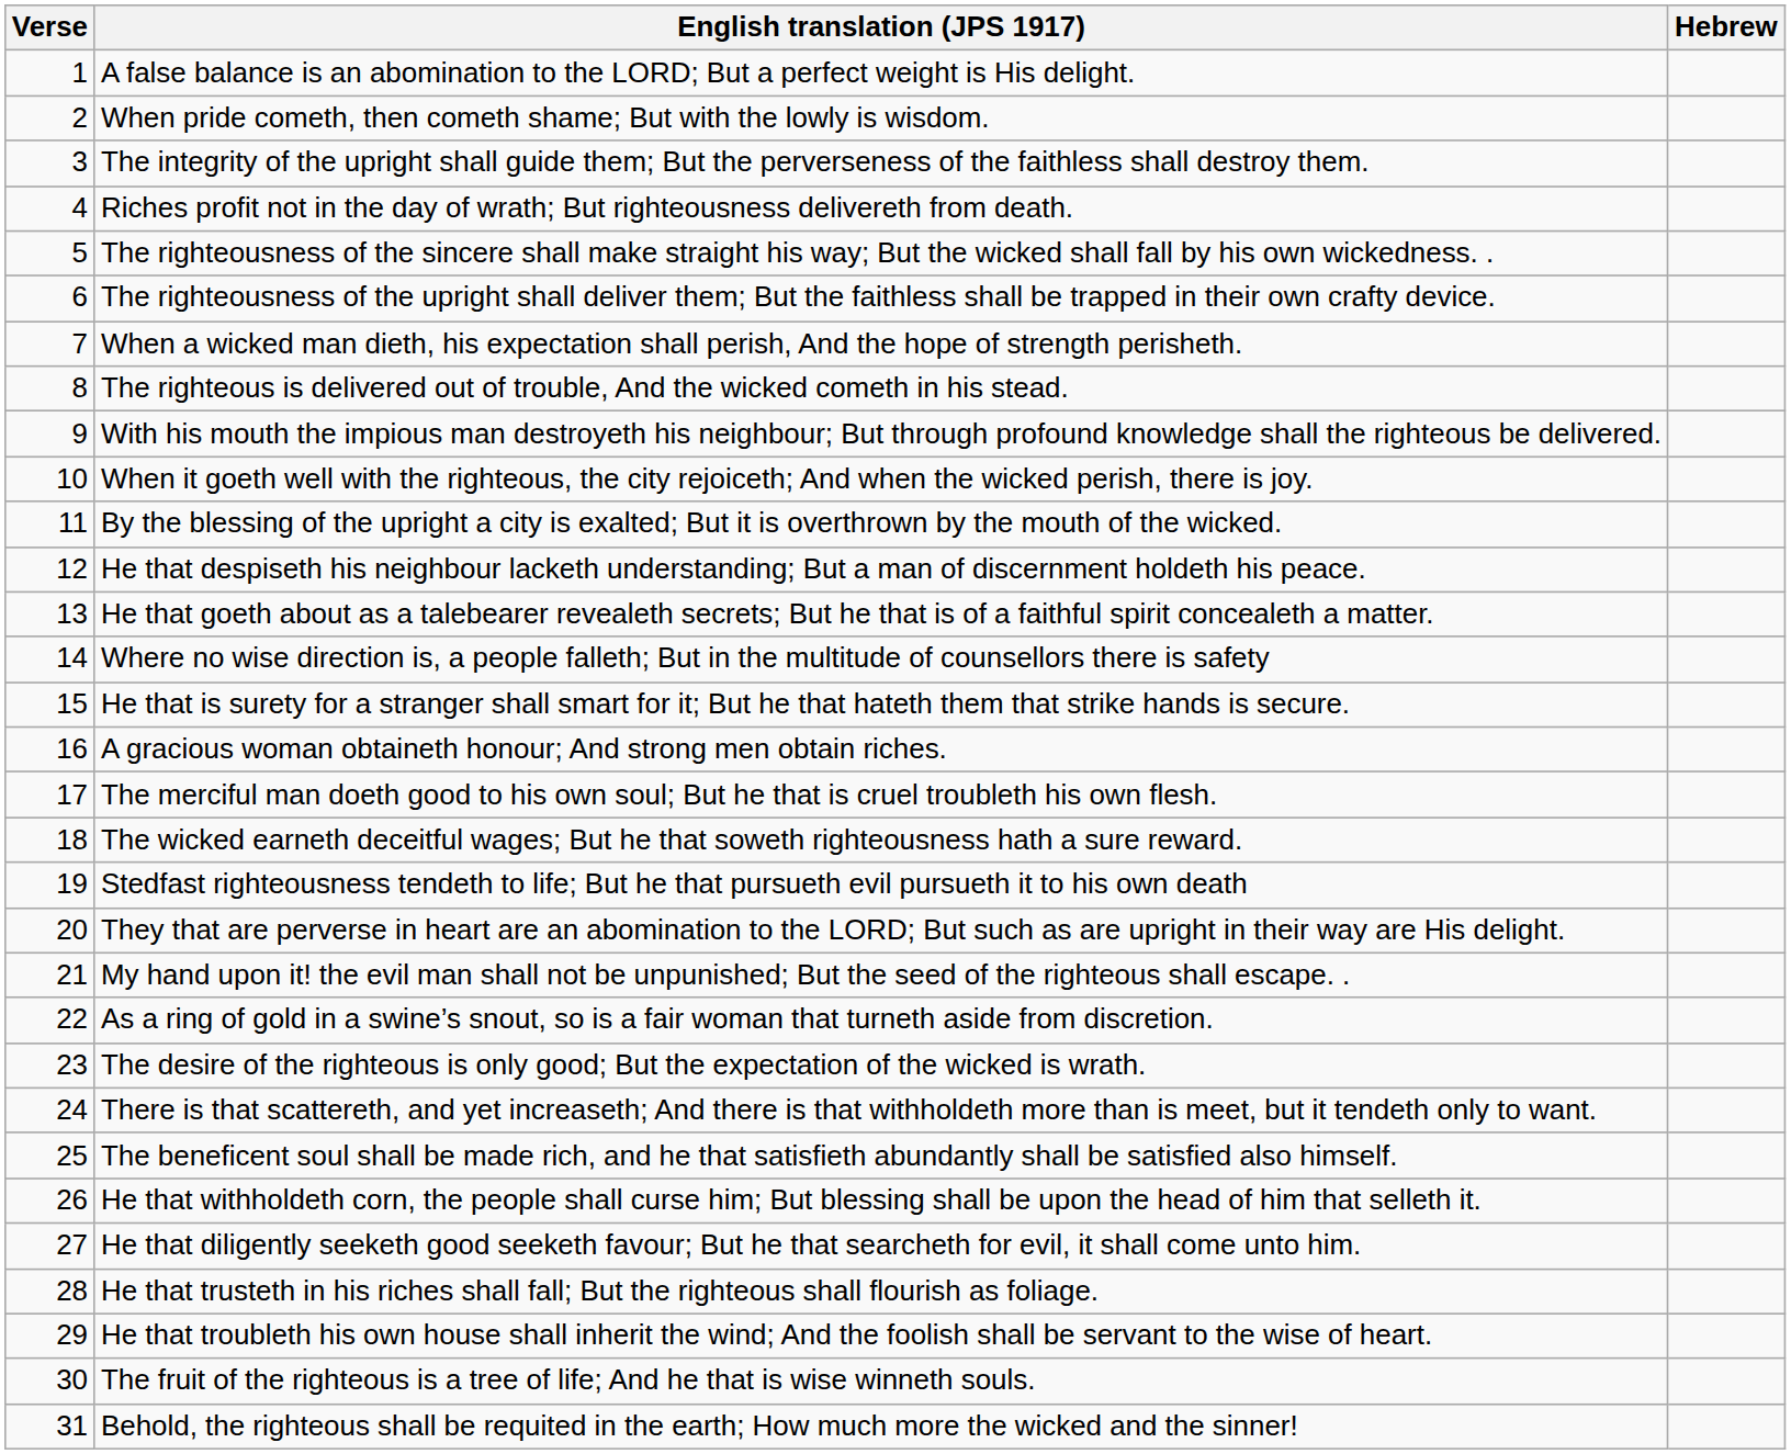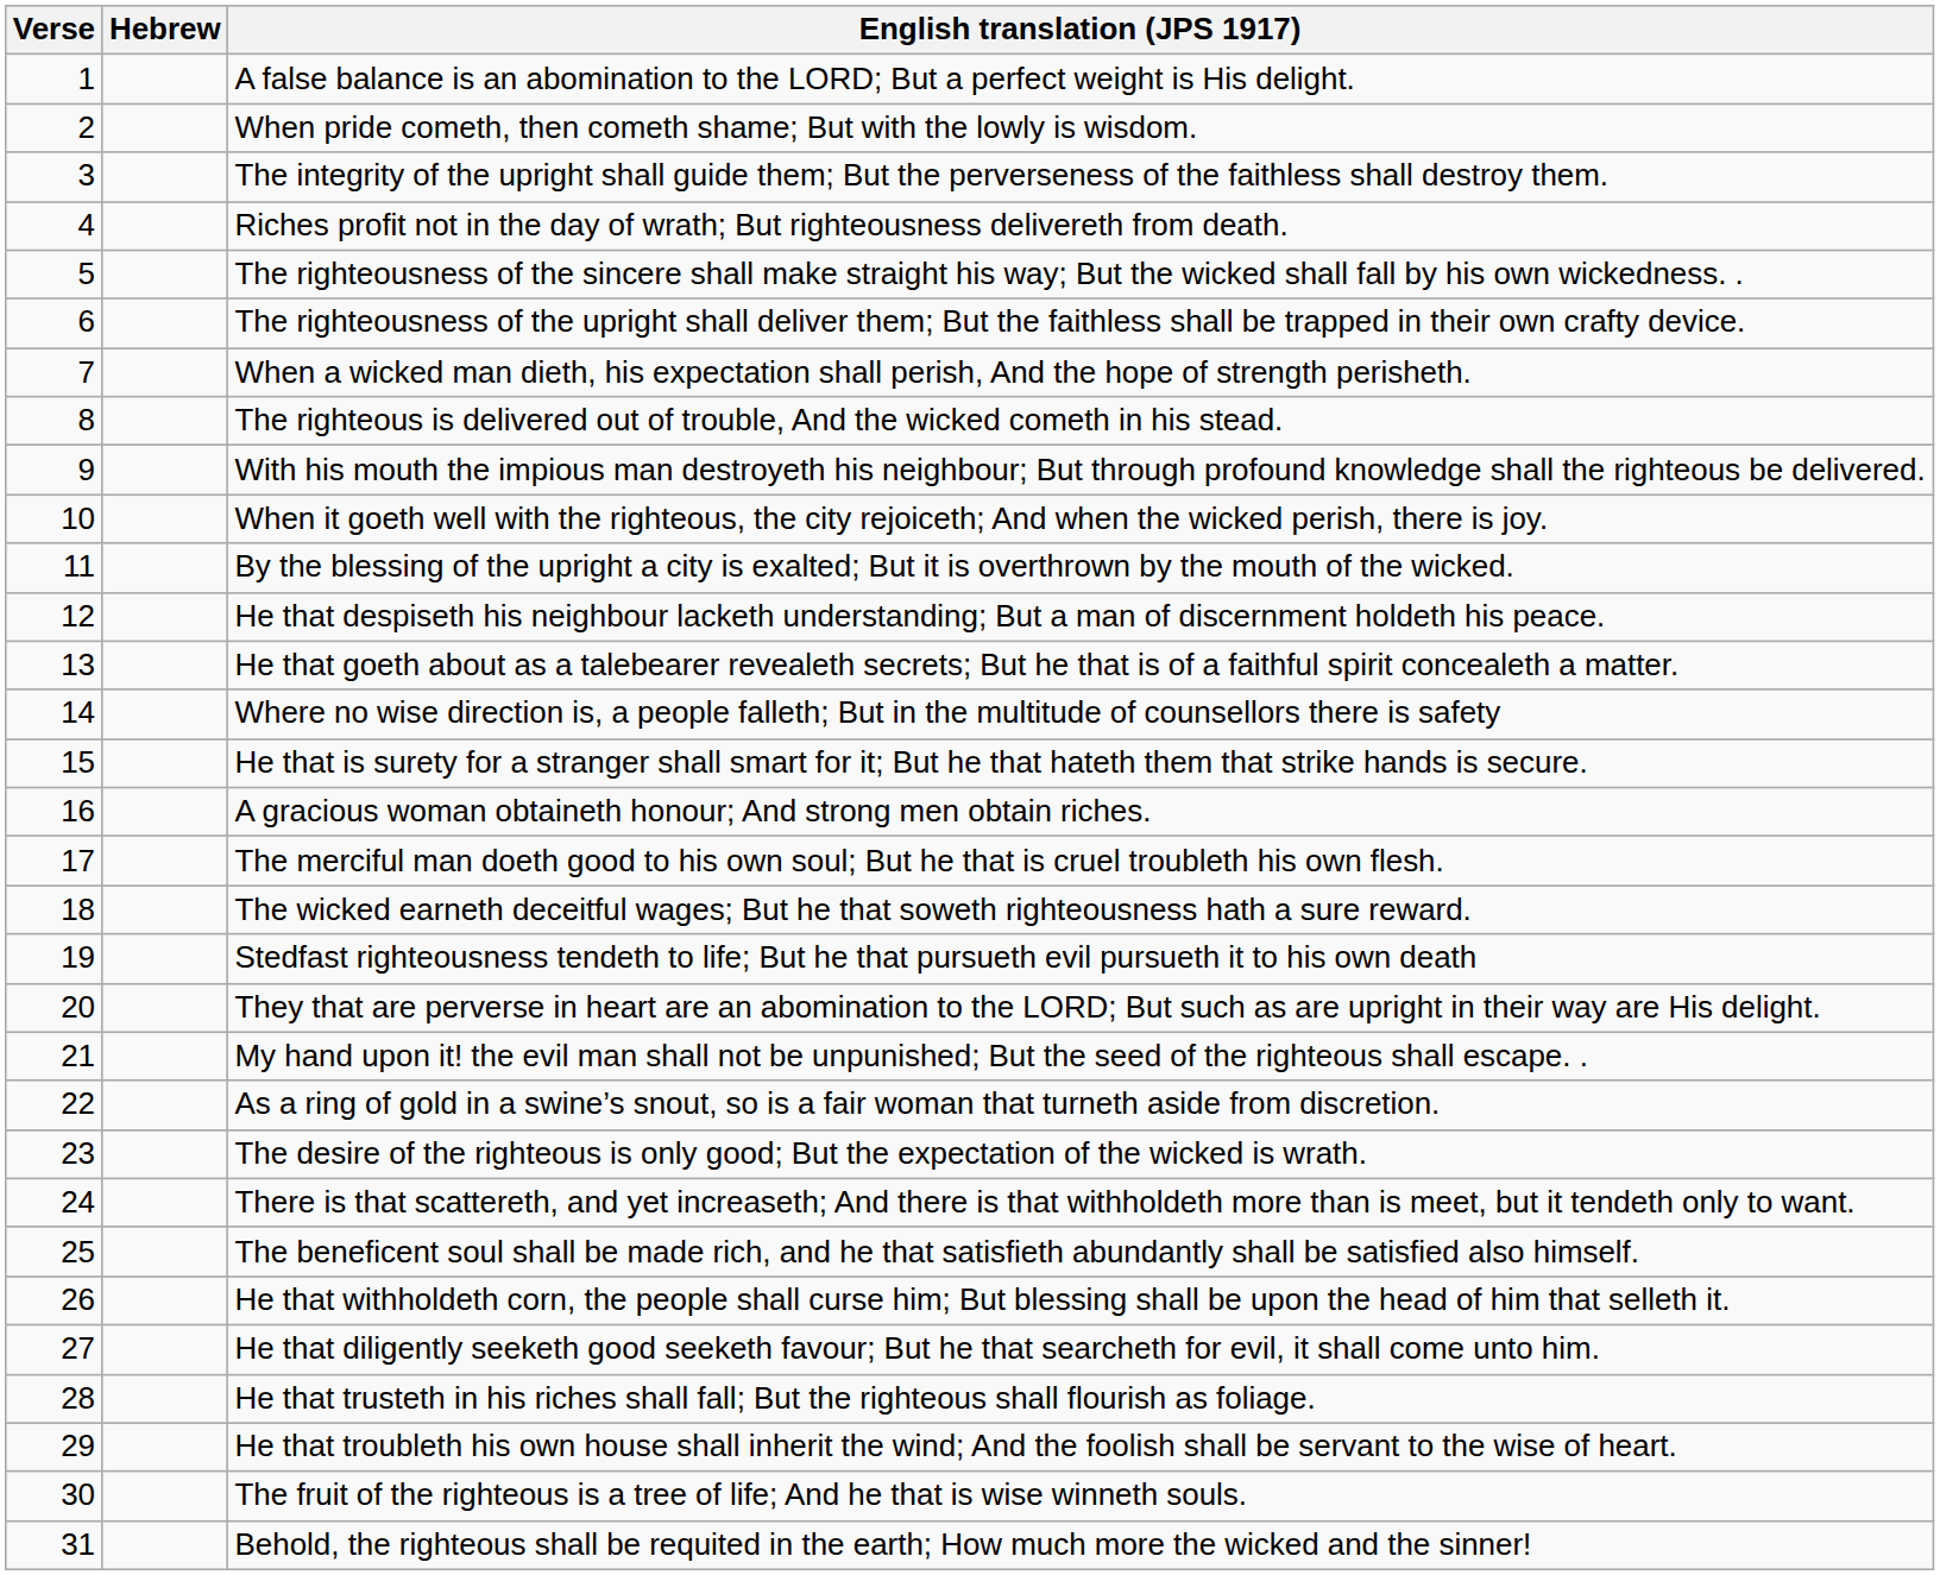 <table class="wikitable">
 <tr>
 <th>Verse</th>
+<th>Hebrew</th>
 <th>English translation (JPS 1917)</th>
-<th>Hebrew</th>
 </tr>
 <tr>
 <td style="text-align:right">1</td>
+<td style="text-align:right"></td>
 <td>A false balance is an abomination to the LORD; But a perfect weight is His delight.</td>
-<td style="text-align:right"></td>
 </tr>
 <tr>
 <td style="text-align:right">2</td>
+<td style="text-align:right"></td>
 <td>When pride cometh, then cometh shame; But with the lowly is wisdom.</td>
-<td style="text-align:right"></td>
 </tr>
 <tr>
 <td style="text-align:right">3</td>
+<td style="text-align:right"></td>
 <td>The integrity of the upright shall guide them; But the perverseness of the faithless shall destroy them.</td>
-<td style="text-align:right"></td>
 </tr>
 <tr>
 <td style="text-align:right">4</td>
+<td style="text-align:right"></td>
 <td>Riches profit not in the day of wrath; But righteousness delivereth from death.</td>
-<td style="text-align:right"></td>
 </tr>
 <tr>
 <td style="text-align:right">5</td>
+<td style="text-align:right"></td>
 <td>The righteousness of the sincere shall make straight his way; But the wicked shall fall by his own wickedness. .</td>
-<td style="text-align:right"></td>
 </tr>
 <tr>
 <td style="text-align:right">6</td>
+<td style="text-align:right"></td>
 <td>The righteousness of the upright shall deliver them; But the faithless shall be trapped in their own crafty device.</td>
-<td style="text-align:right"></td>
 </tr>
 <tr>
 <td style="text-align:right">7</td>
+<td style="text-align:right"></td>
 <td>When a wicked man dieth, his expectation shall perish, And the hope of strength perisheth.</td>
-<td style="text-align:right"></td>
 </tr>
 <tr>
 <td style="text-align:right">8</td>
+<td style="text-align:right"></td>
 <td>The righteous is delivered out of trouble, And the wicked cometh in his stead.</td>
-<td style="text-align:right"></td>
 </tr>
 <tr>
 <td style="text-align:right">9</td>
+<td style="text-align:right"></td>
 <td>With his mouth the impious man destroyeth his neighbour; But through profound knowledge shall the righteous be delivered.</td>
-<td style="text-align:right"></td>
 </tr>
 <tr>
 <td style="text-align:right">10</td>
+<td style="text-align:right"></td>
 <td>When it goeth well with the righteous, the city rejoiceth; And when the wicked perish, there is joy.</td>
-<td style="text-align:right"></td>
 </tr>
 <tr>
 <td style="text-align:right">11</td>
+<td style="text-align:right"></td>
 <td>By the blessing of the upright a city is exalted; But it is overthrown by the mouth of the wicked.</td>
-<td style="text-align:right"></td>
 </tr>
 <tr>
 <td style="text-align:right">12</td>
+<td style="text-align:right"></td>
 <td>He that despiseth his neighbour lacketh understanding; But a man of discernment holdeth his peace.</td>
-<td style="text-align:right"></td>
 </tr>
 <tr>
 <td style="text-align:right">13</td>
+<td style="text-align:right"></td>
 <td>He that goeth about as a talebearer revealeth secrets; But he that is of a faithful spirit concealeth a matter.</td>
-<td style="text-align:right"></td>
 </tr>
 <tr>
 <td style="text-align:right">14</td>
+<td style="text-align:right"></td>
 <td>Where no wise direction is, a people falleth; But in the multitude of counsellors there is safety</td>
-<td style="text-align:right"></td>
 </tr>
 <tr>
 <td style="text-align:right">15</td>
+<td style="text-align:right"></td>
 <td>He that is surety for a stranger shall smart for it; But he that hateth them that strike hands is secure.</td>
-<td style="text-align:right"></td>
 </tr>
 <tr>
 <td style="text-align:right">16</td>
+<td style="text-align:right"></td>
 <td>A gracious woman obtaineth honour; And strong men obtain riches.</td>
-<td style="text-align:right"></td>
 </tr>
 <tr>
 <td style="text-align:right">17</td>
+<td style="text-align:right"></td>
 <td>The merciful man doeth good to his own soul; But he that is cruel troubleth his own flesh.</td>
-<td style="text-align:right"></td>
 </tr>
 <tr>
 <td style="text-align:right">18</td>
+<td style="text-align:right"></td>
 <td>The wicked earneth deceitful wages; But he that soweth righteousness hath a sure reward.</td>
-<td style="text-align:right"></td>
 </tr>
 <tr>
 <td style="text-align:right">19</td>
+<td style="text-align:right"></td>
 <td>Stedfast righteousness tendeth to life; But he that pursueth evil pursueth it to his own death</td>
-<td style="text-align:right"></td>
 </tr>
 <tr>
 <td style="text-align:right">20</td>
+<td style="text-align:right"></td>
 <td>They that are perverse in heart are an abomination to the LORD; But such as are upright in their way are His delight.</td>
-<td style="text-align:right"></td>
 </tr>
 <tr>
 <td style="text-align:right">21</td>
+<td style="text-align:right"></td>
 <td>My hand upon it! the evil man shall not be unpunished; But the seed of the righteous shall escape. .</td>
-<td style="text-align:right"></td>
 </tr>
 <tr>
 <td style="text-align:right">22</td>
+<td style="text-align:right"></td>
 <td>As a ring of gold in a swine’s snout, so is a fair woman that turneth aside from discretion.</td>
-<td style="text-align:right"></td>
 </tr>
 <tr>
 <td style="text-align:right">23</td>
+<td style="text-align:right"></td>
 <td>The desire of the righteous is only good; But the expectation of the wicked is wrath.</td>
-<td style="text-align:right"></td>
 </tr>
 <tr>
 <td style="text-align:right">24</td>
+<td style="text-align:right"></td>
 <td>There is that scattereth, and yet increaseth; And there is that withholdeth more than is meet, but it tendeth only to want.</td>
-<td style="text-align:right"></td>
 </tr>
 <tr>
 <td style="text-align:right">25</td>
+<td style="text-align:right"></td>
 <td>The beneficent soul shall be made rich, and he that satisfieth abundantly shall be satisfied also himself.</td>
-<td style="text-align:right"></td>
 </tr>
 <tr>
 <td style="text-align:right">26</td>
+<td style="text-align:right"></td>
 <td>He that withholdeth corn, the people shall curse him; But blessing shall be upon the head of him that selleth it.</td>
-<td style="text-align:right"></td>
 </tr>
 <tr>
 <td style="text-align:right">27</td>
+<td style="text-align:right"></td>
 <td>He that diligently seeketh good seeketh favour; But he that searcheth for evil, it shall come unto him.</td>
-<td style="text-align:right"></td>
 </tr>
 <tr>
 <td style="text-align:right">28</td>
+<td style="text-align:right"></td>
 <td>He that trusteth in his riches shall fall; But the righteous shall flourish as foliage.</td>
-<td style="text-align:right"></td>
 </tr>
 <tr>
 <td style="text-align:right">29</td>
+<td style="text-align:right"></td>
 <td>He that troubleth his own house shall inherit the wind; And the foolish shall be servant to the wise of heart.</td>
-<td style="text-align:right"></td>
 </tr>
 <tr>
 <td style="text-align:right">30</td>
+<td style="text-align:right"></td>
 <td>The fruit of the righteous is a tree of life; And he that is wise winneth souls.</td>
-<td style="text-align:right"></td>
 </tr>
 <tr>
 <td style="text-align:right">31</td>
+<td style="text-align:right"></td>
 <td>Behold, the righteous shall be requited in the earth; How much more the wicked and the sinner!</td>
-<td style="text-align:right"></td>
 </tr>
 </table>
